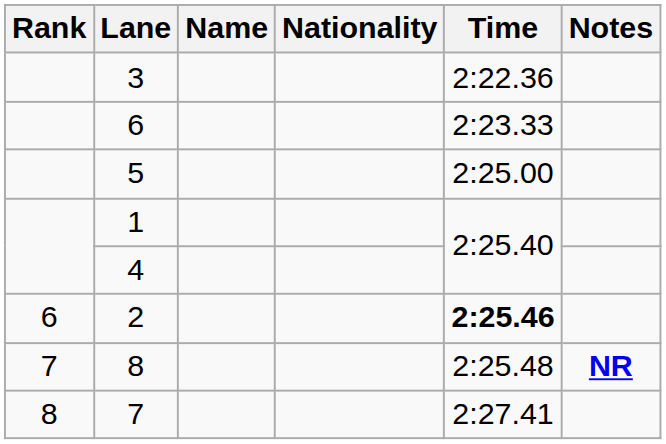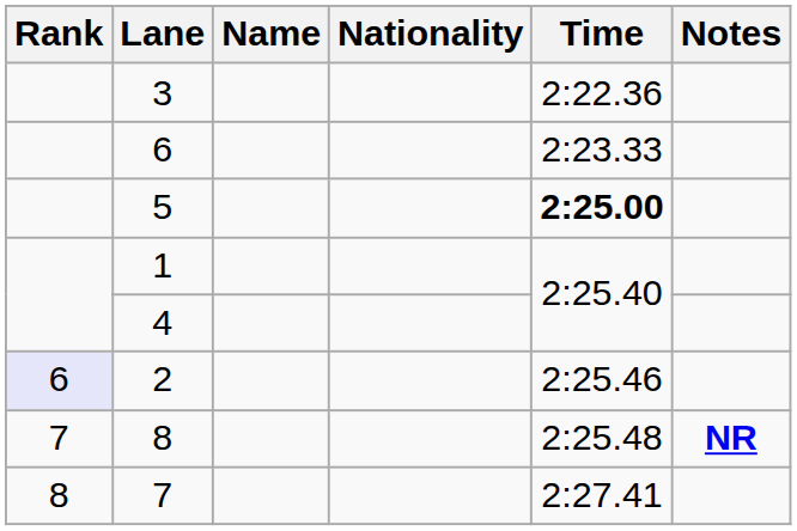 <table class="wikitable sortable" style="text-align:center">
 <tr>
 <th>Rank</th>
 <th>Lane</th>
 <th>Name</th>
 <th>Nationality</th>
 <th>Time</th>
 <th>Notes</th>
 </tr>
 <tr>
 <td></td>
 <td>3</td>
 <td align=left></td>
 <td align=left></td>
 <td>2:22.36</td>
 <td></td>
 </tr>
 <tr>
 <td></td>
 <td>6</td>
 <td align=left></td>
 <td align=left></td>
 <td>2:23.33</td>
 <td></td>
 </tr>
 <tr>
 <td></td>
 <td>5</td>
 <td align=left></td>
 <td align=left></td>
-<td>2:25.00</td>
+<td><strong>2:25.00</strong></td>
 <td></td>
 </tr>
 <tr>
 <td rowspan=2></td>
 <td>1</td>
 <td align=left></td>
 <td align=left></td>
 <td rowspan=2>2:25.40</td>
 <td></td>
 </tr>
 <tr>
 <td>4</td>
 <td align=left></td>
 <td align=left></td>
 <td></td>
 </tr>
 <tr>
-<td>6</td>
+<td style="background: lavender;">6</td>
 <td>2</td>
 <td align=left></td>
 <td align=left></td>
-<td><strong>2:25.46</strong></td>
+<td>2:25.46</td>
 <td></td>
 </tr>
 <tr>
 <td>7</td>
 <td>8</td>
 <td align=left></td>
 <td align=left></td>
 <td>2:25.48</td>
 <td><strong><a href='#'>NR</a></strong></td>
 </tr>
 <tr>
 <td>8</td>
 <td>7</td>
 <td align=left></td>
 <td align=left></td>
 <td>2:27.41</td>
 <td></td>
 </tr>
 </table>
